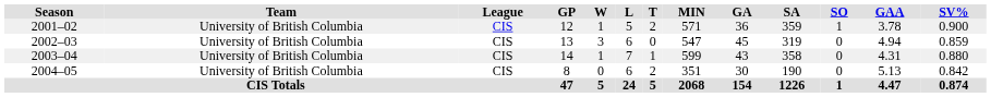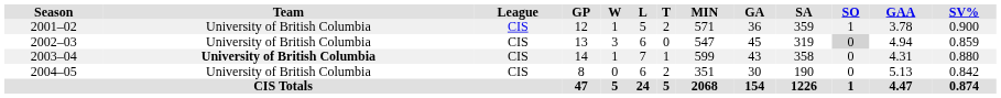 <table BORDER="0" CELLPADDING="0" CELLSPACING="0" width="95%" style="text-align:center">
 <tr bgcolor="#e0e0e0">
 <th colspan="3"  bgcolor="#ffffff"></th>
 <th rowspan="99" bgcolor="#ffffff"></th>
 </tr>
 <tr bgcolor="#e0e0e0">
 <th>Season</th>
 <th>Team</th>
 <th>League</th>
 <th>GP</th>
 <th>W</th>
 <th>L</th>
 <th>T</th>
 <th>MIN</th>
 <th>GA</th>
 <th>SA</th>
 <th><a href='#'>SO</a></th>
 <th><a href='#'>GAA</a></th>
 <th><a href='#'>SV%</a></th>
 </tr>
 <tr bgcolor="#f0f0f0">
 <td>2001–02</td>
 <td>University of British Columbia</td>
 <td><a href='#'>CIS</a></td>
 <td>12</td>
 <td>1</td>
 <td>5</td>
 <td>2</td>
 <td>571</td>
 <td>36</td>
 <td>359</td>
 <td>1</td>
 <td>3.78</td>
 <td>0.900</td>
 </tr>
 <tr>
 <td>2002–03</td>
 <td>University of British Columbia</td>
 <td>CIS</td>
 <td>13</td>
 <td>3</td>
 <td>6</td>
 <td>0</td>
 <td>547</td>
 <td>45</td>
 <td>319</td>
-<td>0</td>
+<td style="background: lightgrey;">0</td>
 <td>4.94</td>
 <td>0.859</td>
 </tr>
 <tr bgcolor="#f0f0f0">
 <td>2003–04</td>
-<td>University of British Columbia</td>
+<td><strong>University of British Columbia</strong></td>
 <td>CIS</td>
 <td>14</td>
 <td>1</td>
 <td>7</td>
 <td>1</td>
 <td>599</td>
 <td>43</td>
 <td>358</td>
 <td>0</td>
 <td>4.31</td>
 <td>0.880</td>
 </tr>
 <tr>
 <td>2004–05</td>
 <td>University of British Columbia</td>
 <td>CIS</td>
 <td>8</td>
 <td>0</td>
 <td>6</td>
 <td>2</td>
 <td>351</td>
 <td>30</td>
 <td>190</td>
 <td>0</td>
 <td>5.13</td>
 <td>0.842</td>
 </tr>
 <tr bgcolor="#e0e0e0">
 <th colspan=3>CIS Totals</th>
 <th>47</th>
 <th>5</th>
 <th>24</th>
 <th>5</th>
 <th>2068</th>
 <th>154</th>
 <th>1226</th>
 <th>1</th>
 <th>4.47</th>
 <th>0.874</th>
 </tr>
 </table>
